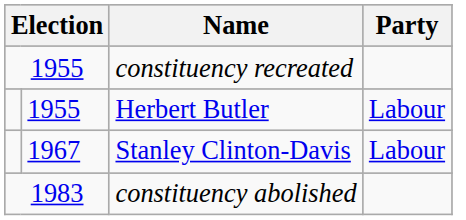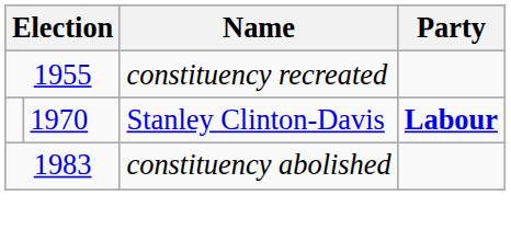 <table class="wikitable">
 <tr>
 <th colspan="2">Election</th>
 <th>Name</th>
 <th>Party</th>
 </tr>
 <tr>
 <td colspan="2" align="center"><a href='#'>1955</a></td>
 <td><em>constituency recreated</em></td>
 </tr>
 <tr>
 <td style="color:inherit;background-color: "></td>
-<td><a href='#'>1955</a></td>
-<td><a href='#'>Herbert Butler</a></td>
-<td><a href='#'>Labour</a></td>
-</tr>
-<tr>
-<td style="color:inherit;background-color: "></td>
-<td><a href='#'>1967</a></td>
+<td><a href='#'>1970</a></td>
 <td><a href='#'>Stanley Clinton-Davis</a></td>
-<td><a href='#'>Labour</a></td>
+<td><strong><a href='#'>Labour</a></strong></td>
 </tr>
 <tr>
 <td colspan="2" align="center"><a href='#'>1983</a></td>
 <td><em>constituency abolished</em></td>
 </tr>
 </table>
